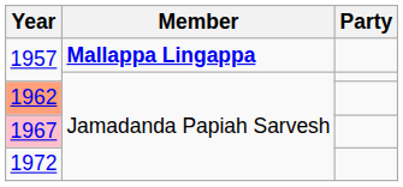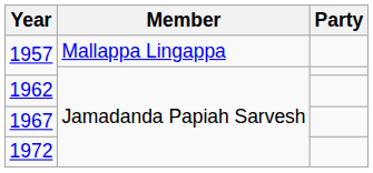 <table class="wikitable sortable">
 <tr>
 <th>Year</th>
 <th>Member</th>
 <th colspan="2">Party</th>
 </tr>
 <tr>
 <td rowspan=2><a href='#'>1957</a></td>
-<td><strong><a href='#'>Mallappa Lingappa</a></strong></td>
+<td><a href='#'>Mallappa Lingappa</a></td>
 <td></td>
 </tr>
 <tr>
 <td rowspan="4">Jamadanda Papiah Sarvesh</td>
 <td></td>
 </tr>
 <tr>
-<td style="background: lightsalmon;"><a href='#'>1962</a></td>
+<td><a href='#'>1962</a></td>
 <td></td>
 </tr>
 <tr>
-<td style="background: pink;"><a href='#'>1967</a></td>
+<td><a href='#'>1967</a></td>
 <td></td>
 </tr>
 <tr>
 <td><a href='#'>1972</a></td>
 <td></td>
 </tr>
 </table>
